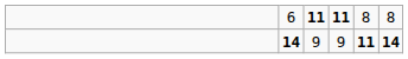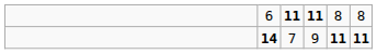 <table class="wikitable">
 <tr>
 <td style="width:18em"></td>
 <td align=center style="width:1em">6</td>
 <td align=center style="width:1em"><strong>11</strong></td>
 <td align=center style="width:1em"><strong>11</strong></td>
 <td align=center style="width:1em">8</td>
 <td align=center style="width:1em">8</td>
 </tr>
 <tr>
 <td style="width:18em"><strong></strong></td>
 <td align=center style="width:1em"><strong>14</strong></td>
-<td align=center style="width:1em">9</td>
+<td align=center style="width:1em">7</td>
 <td align=center style="width:1em">9</td>
 <td align=center style="width:1em"><strong>11</strong></td>
-<td align=center style="width:1em"><strong>14</strong></td>
+<td align=center style="width:1em"><strong>11</strong></td>
 </tr>
 </table>
